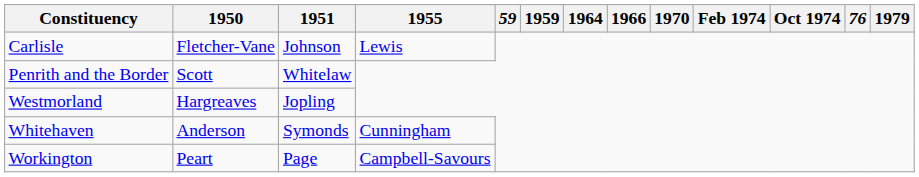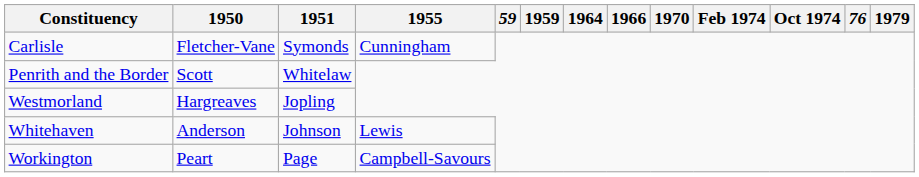 <table class="wikitable">
 <tr>
 <th>Constituency</th>
 <th>1950</th>
 <th>1951</th>
 <th>1955</th>
 <th><em>59</em></th>
 <th>1959</th>
 <th>1964</th>
 <th>1966</th>
 <th>1970</th>
 <th>Feb 1974</th>
 <th>Oct 1974</th>
 <th><em>76</em></th>
 <th>1979</th>
 </tr>
 <tr>
 <td><a href='#'>Carlisle</a></td>
 <td><a href='#'>Fletcher-Vane</a></td>
-<td><a href='#'>Johnson</a></td>
-<td><a href='#'>Lewis</a></td>
+<td><a href='#'>Symonds</a></td>
+<td><a href='#'>Cunningham</a></td>
 </tr>
 <tr>
 <td><a href='#'>Penrith and the Border</a></td>
 <td><a href='#'>Scott</a></td>
 <td><a href='#'>Whitelaw</a></td>
 </tr>
 <tr>
 <td><a href='#'>Westmorland</a></td>
 <td><a href='#'>Hargreaves</a></td>
 <td><a href='#'>Jopling</a></td>
 </tr>
 <tr>
 <td><a href='#'>Whitehaven</a></td>
 <td><a href='#'>Anderson</a></td>
-<td><a href='#'>Symonds</a></td>
-<td><a href='#'>Cunningham</a></td>
+<td><a href='#'>Johnson</a></td>
+<td><a href='#'>Lewis</a></td>
 </tr>
 <tr>
 <td><a href='#'>Workington</a></td>
 <td><a href='#'>Peart</a></td>
 <td><a href='#'>Page</a></td>
 <td><a href='#'>Campbell-Savours</a></td>
 </tr>
 </table>
